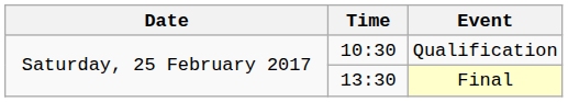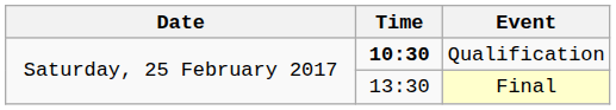 <table class = "wikitable" style="text-align:center;">
 <tr>
 <th width=220>Date</th>
 <th width=50>Time</th>
 <th width=100>Event</th>
 </tr>
 <tr>
 <td rowspan=2>Saturday, 25 February 2017</td>
-<td>10:30</td>
+<td><strong>10:30</strong></td>
 <td>Qualification</td>
 </tr>
 <tr>
 <td>13:30</td>
 <td bgcolor=ffffcc>Final</td>
 </tr>
 </table>
